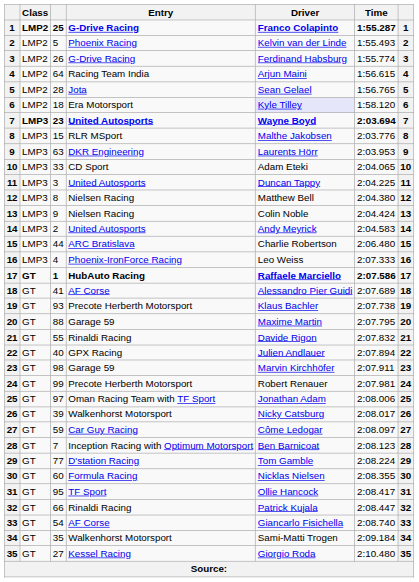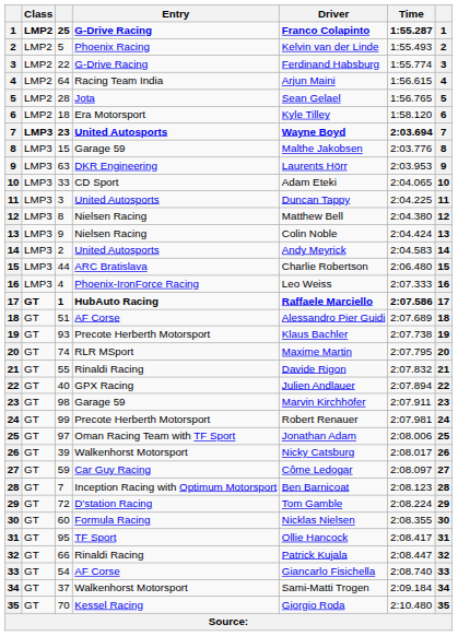 <table class="wikitable sortable" style="font-size:90%;">
 <tr>
 <th></th>
 <th class="unsortable">Class</th>
 <th class="unsortable"></th>
 <th class="unsortable">Entry</th>
 <th class="unsortable">Driver</th>
 <th class="unsortable">Time</th>
 <th></th>
 </tr>
 <tr>
 <th>1</th>
 <td><strong>LMP2</strong></td>
 <td><strong>25</strong></td>
 <td><strong> <a href='#'>G-Drive Racing</a></strong></td>
 <td><strong> <a href='#'>Franco Colapinto</a></strong></td>
 <td><strong>1:55.287</strong></td>
 <th>1</th>
 </tr>
 <tr>
 <th>2</th>
 <td>LMP2</td>
 <td>5</td>
 <td> <a href='#'>Phoenix Racing</a></td>
 <td> <a href='#'>Kelvin van der Linde</a></td>
 <td>1:55.493</td>
 <th>2</th>
 </tr>
 <tr>
 <th>3</th>
 <td>LMP2</td>
-<td>26</td>
+<td>22</td>
 <td> <a href='#'>G-Drive Racing</a></td>
 <td> <a href='#'>Ferdinand Habsburg</a></td>
 <td>1:55.774</td>
 <th>3</th>
 </tr>
 <tr>
 <th>4</th>
 <td>LMP2</td>
 <td>64</td>
 <td> Racing Team India</td>
 <td> <a href='#'>Arjun Maini</a></td>
 <td>1:56.615</td>
 <th>4</th>
 </tr>
 <tr>
 <th>5</th>
 <td>LMP2</td>
 <td>28</td>
 <td> <a href='#'>Jota</a></td>
 <td> <a href='#'>Sean Gelael</a></td>
 <td>1:56.765</td>
 <th>5</th>
 </tr>
 <tr>
 <th>6</th>
 <td>LMP2</td>
 <td>18</td>
 <td> Era Motorsport</td>
-<td style="background: lavender;"> <a href='#'>Kyle Tilley</a></td>
+<td> <a href='#'>Kyle Tilley</a></td>
 <td>1:58.120</td>
 <th>6</th>
 </tr>
 <tr>
 <th>7</th>
 <td><strong>LMP3</strong></td>
 <td><strong>23</strong></td>
 <td><strong> <a href='#'>United Autosports</a></strong></td>
 <td><strong> <a href='#'>Wayne Boyd</a></strong></td>
 <td><strong>2:03.694</strong></td>
 <th>7</th>
 </tr>
 <tr>
 <th>8</th>
 <td>LMP3</td>
 <td>15</td>
-<td> RLR MSport</td>
+<td> Garage 59</td>
 <td> <a href='#'>Malthe Jakobsen</a></td>
 <td>2:03.776</td>
 <th>8</th>
 </tr>
 <tr>
 <th>9</th>
 <td>LMP3</td>
 <td>63</td>
 <td> <a href='#'>DKR Engineering</a></td>
 <td> <a href='#'>Laurents Hörr</a></td>
 <td>2:03.953</td>
 <th>9</th>
 </tr>
 <tr>
 <th>10</th>
 <td>LMP3</td>
 <td>33</td>
 <td> CD Sport</td>
 <td> Adam Eteki</td>
 <td>2:04.065</td>
 <th>10</th>
 </tr>
 <tr>
 <th>11</th>
 <td>LMP3</td>
 <td>3</td>
 <td> <a href='#'>United Autosports</a></td>
 <td> <a href='#'>Duncan Tappy</a></td>
 <td>2:04.225</td>
 <th>11</th>
 </tr>
 <tr>
 <th>12</th>
 <td>LMP3</td>
 <td>8</td>
 <td> Nielsen Racing</td>
 <td> Matthew Bell</td>
 <td>2:04.380</td>
 <th>12</th>
 </tr>
 <tr>
 <th>13</th>
 <td>LMP3</td>
 <td>9</td>
 <td> Nielsen Racing</td>
 <td> Colin Noble</td>
 <td>2:04.424</td>
 <th>13</th>
 </tr>
 <tr>
 <th>14</th>
 <td>LMP3</td>
 <td>2</td>
 <td> <a href='#'>United Autosports</a></td>
 <td> <a href='#'>Andy Meyrick</a></td>
 <td>2:04.583</td>
 <th>14</th>
 </tr>
 <tr>
 <th>15</th>
 <td>LMP3</td>
 <td>44</td>
 <td> <a href='#'>ARC Bratislava</a></td>
 <td> Charlie Robertson</td>
 <td>2:06.480</td>
 <th>15</th>
 </tr>
 <tr>
 <th>16</th>
 <td>LMP3</td>
 <td>4</td>
 <td> <a href='#'>Phoenix-IronForce Racing</a></td>
 <td> Leo Weiss</td>
 <td>2:07.333</td>
 <th>16</th>
 </tr>
 <tr>
 <th>17</th>
 <td><strong>GT</strong></td>
 <td><strong>1</strong></td>
 <td><strong> HubAuto Racing</strong></td>
 <td><strong> <a href='#'>Raffaele Marciello</a></strong></td>
 <td><strong>2:07.586</strong></td>
 <th>17</th>
 </tr>
 <tr>
 <th>18</th>
 <td>GT</td>
-<td>41</td>
+<td>51</td>
 <td> <a href='#'>AF Corse</a></td>
 <td> <a href='#'>Alessandro Pier Guidi</a></td>
 <td>2:07.689</td>
 <th>18</th>
 </tr>
 <tr>
 <th>19</th>
 <td>GT</td>
 <td>93</td>
 <td> Precote Herberth Motorsport</td>
 <td> <a href='#'>Klaus Bachler</a></td>
 <td>2:07.738</td>
 <th>19</th>
 </tr>
 <tr>
 <th>20</th>
 <td>GT</td>
-<td>88</td>
-<td> Garage 59</td>
+<td>74</td>
+<td> RLR MSport</td>
 <td> <a href='#'>Maxime Martin</a></td>
 <td>2:07.795</td>
 <th>20</th>
 </tr>
 <tr>
 <th>21</th>
 <td>GT</td>
 <td>55</td>
 <td> Rinaldi Racing</td>
 <td> <a href='#'>Davide Rigon</a></td>
 <td>2:07.832</td>
 <th>21</th>
 </tr>
 <tr>
 <th>22</th>
 <td>GT</td>
 <td>40</td>
 <td> GPX Racing</td>
 <td> <a href='#'>Julien Andlauer</a></td>
 <td>2:07.894</td>
 <th>22</th>
 </tr>
 <tr>
 <th>23</th>
 <td>GT</td>
 <td>98</td>
 <td> Garage 59</td>
 <td> <a href='#'>Marvin Kirchhöfer</a></td>
 <td>2:07.911</td>
 <th>23</th>
 </tr>
 <tr>
 <th>24</th>
 <td>GT</td>
 <td>99</td>
 <td> Precote Herberth Motorsport</td>
 <td> Robert Renauer</td>
 <td>2:07.981</td>
 <th>24</th>
 </tr>
 <tr>
 <th>25</th>
 <td>GT</td>
 <td>97</td>
 <td> Oman Racing Team with <a href='#'>TF Sport</a></td>
 <td> <a href='#'>Jonathan Adam</a></td>
 <td>2:08.006</td>
 <th>25</th>
 </tr>
 <tr>
 <th>26</th>
 <td>GT</td>
 <td>39</td>
 <td> Walkenhorst Motorsport</td>
 <td> <a href='#'>Nicky Catsburg</a></td>
 <td>2:08.017</td>
 <th>26</th>
 </tr>
 <tr>
 <th>27</th>
 <td>GT</td>
 <td>59</td>
 <td> <a href='#'>Car Guy Racing</a></td>
 <td> <a href='#'>Côme Ledogar</a></td>
 <td>2:08.097</td>
 <th>27</th>
 </tr>
 <tr>
 <th>28</th>
 <td>GT</td>
 <td>7</td>
 <td> Inception Racing with <a href='#'>Optimum Motorsport</a></td>
 <td> <a href='#'>Ben Barnicoat</a></td>
 <td>2:08.123</td>
 <th>28</th>
 </tr>
 <tr>
 <th>29</th>
 <td>GT</td>
-<td>77</td>
+<td>72</td>
 <td> <a href='#'>D'station Racing</a></td>
 <td> <a href='#'>Tom Gamble</a></td>
 <td>2:08.224</td>
 <th>29</th>
 </tr>
 <tr>
 <th>30</th>
 <td>GT</td>
 <td>60</td>
 <td> <a href='#'>Formula Racing</a></td>
 <td> <a href='#'>Nicklas Nielsen</a></td>
 <td>2:08.355</td>
 <th>30</th>
 </tr>
 <tr>
 <th>31</th>
 <td>GT</td>
 <td>95</td>
 <td> <a href='#'>TF Sport</a></td>
 <td> <a href='#'>Ollie Hancock</a></td>
 <td>2:08.417</td>
 <th>31</th>
 </tr>
 <tr>
 <th>32</th>
 <td>GT</td>
 <td>66</td>
 <td> Rinaldi Racing</td>
 <td> <a href='#'>Patrick Kujala</a></td>
 <td>2:08.447</td>
 <th>32</th>
 </tr>
 <tr>
 <th>33</th>
 <td>GT</td>
 <td>54</td>
 <td> <a href='#'>AF Corse</a></td>
 <td> <a href='#'>Giancarlo Fisichella</a></td>
 <td>2:08.740</td>
 <th>33</th>
 </tr>
 <tr>
 <th>34</th>
 <td>GT</td>
-<td>35</td>
+<td>37</td>
 <td> Walkenhorst Motorsport</td>
 <td> Sami-Matti Trogen</td>
 <td>2:09.184</td>
 <th>34</th>
 </tr>
 <tr>
 <th>35</th>
 <td>GT</td>
-<td>27</td>
+<td>70</td>
 <td> <a href='#'>Kessel Racing</a></td>
 <td> <a href='#'>Giorgio Roda</a></td>
 <td>2:10.480</td>
 <th>35</th>
 </tr>
 <tr>
 <th colspan="7">Source:</th>
 </tr>
 </table>
